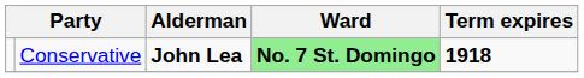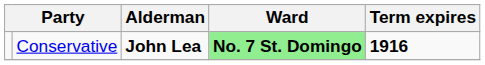 <table class="wikitable">
 <tr>
 <th colspan="2">Party</th>
 <th>Alderman</th>
 <th>Ward</th>
 <th>Term expires</th>
 </tr>
 <tr>
 <td style="background-color:"></td>
 <td><a href='#'>Conservative</a></td>
 <td><strong>John Lea</strong></td>
 <td style="background: lightgreen;"><strong>No. 7 St. Domingo</strong></td>
-<td><strong>1918</strong></td>
+<td><strong>1916</strong></td>
 </tr>
 <tr>
 </tr>
 </table>
